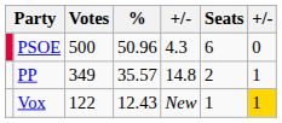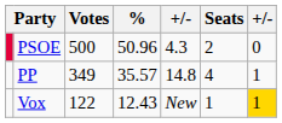 <table class="wikitable">
 <tr>
 <th colspan="2">Party</th>
 <th>Votes</th>
 <th>%</th>
 <th>+/-</th>
 <th>Seats</th>
 <th>+/-</th>
 </tr>
 <tr>
 <td bgcolor="#E4003B"></td>
 <td><a href='#'>PSOE</a></td>
 <td>500</td>
 <td>50.96</td>
 <td> 4.3</td>
-<td>6</td>
+<td>2</td>
 <td> 0</td>
 </tr>
 <tr>
 <td></td>
 <td><a href='#'>PP</a></td>
 <td>349</td>
 <td>35.57</td>
 <td> 14.8</td>
-<td>2</td>
+<td>4</td>
 <td> 1</td>
 </tr>
 <tr>
 <td></td>
 <td><a href='#'>Vox</a></td>
 <td>122</td>
 <td>12.43</td>
 <td><em>New</em></td>
 <td>1</td>
 <td style="background: gold;"> 1</td>
 </tr>
 </table>
